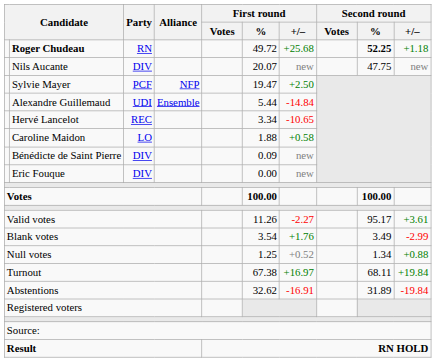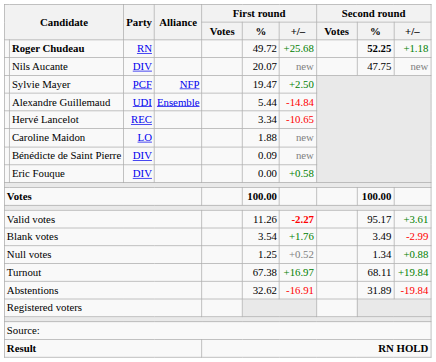 <table class="wikitable" style="text-align:right;font-size:95%;">
 <tr>
 <th rowspan="2" colspan="2">Candidate</th>
 <th colspan="1" rowspan="2">Party</th>
 <th colspan="1" rowspan="2">Alliance</th>
 <th colspan="3">First round</th>
 <th colspan="3">Second round</th>
 </tr>
 <tr>
 <th style="width:50px;">Votes</th>
 <th style="width:45px;">%</th>
 <th style="width:45px;">+/–</th>
 <th style="width:50px;">Votes</th>
 <th style="width:45px;">%</th>
 <th style="width:45px;">+/–</th>
 </tr>
 <tr>
 <td style="color:inherit;background:"></td>
 <td style="text-align:left;"><strong>Roger Chudeau</strong></td>
 <td><a href='#'>RN</a></td>
 <td></td>
 <td></td>
 <td>49.72</td>
 <td style="color:green;">+25.68</td>
 <td><strong></strong></td>
 <td><strong>52.25</strong></td>
 <td style="color:green;">+1.18</td>
 </tr>
 <tr>
 <td style="color:inherit;background:"></td>
 <td style="text-align:left;">Nils Aucante</td>
 <td><a href='#'>DIV</a></td>
 <td></td>
 <td></td>
 <td>20.07</td>
 <td style="color:grey;">new</td>
 <td></td>
 <td>47.75</td>
 <td style="color:grey;">new</td>
 </tr>
 <tr>
 <td style="color:inherit;background:"></td>
 <td style="text-align:left;">Sylvie Mayer</td>
 <td><a href='#'>PCF</a></td>
 <td><a href='#'>NFP</a></td>
 <td></td>
 <td>19.47</td>
 <td style="color:green;">+2.50</td>
 <td colspan="3" rowspan="6" style="background:#E9E9E9;"></td>
 </tr>
 <tr>
 <td style="color:inherit;background:"></td>
 <td style="text-align:left;">Alexandre Guillemaud</td>
 <td><a href='#'>UDI</a></td>
 <td><a href='#'>Ensemble</a></td>
 <td></td>
 <td>5.44</td>
 <td style="color:red;">-14.84</td>
 </tr>
 <tr>
 <td style="color:inherit;background:"></td>
 <td style="text-align:left;">Hervé Lancelot</td>
 <td><a href='#'>REC</a></td>
 <td></td>
 <td></td>
 <td>3.34</td>
 <td style="color:red;">-10.65</td>
 </tr>
 <tr>
 <td style="color:inherit;background:"></td>
 <td style="text-align:left;">Caroline Maidon</td>
 <td><a href='#'>LO</a></td>
 <td></td>
 <td></td>
 <td>1.88</td>
-<td style="color:green;">+0.58</td>
+<td style="color:grey;">new</td>
 </tr>
 <tr>
 <td style="color:inherit;background:"></td>
 <td style="text-align:left;">Bénédicte de Saint Pierre</td>
 <td><a href='#'>DIV</a></td>
 <td></td>
 <td></td>
 <td>0.09</td>
 <td style="color:grey;">new</td>
 </tr>
 <tr>
 <td style="color:inherit;background:"></td>
 <td style="text-align:left;">Eric Fouque</td>
 <td><a href='#'>DIV</a></td>
 <td></td>
 <td></td>
 <td>0.00</td>
-<td style="color:grey;">new</td>
+<td style="color:green;">+0.58</td>
 </tr>
 <tr>
 <td colspan="10" style="background:#E9E9E9;"></td>
 </tr>
 <tr style="font-weight:bold;">
 <td colspan="4" style="text-align:left;">Votes</td>
 <td></td>
 <td>100.00</td>
 <td></td>
 <td></td>
 <td>100.00</td>
 <td></td>
 </tr>
 <tr>
 <td colspan="10" style="background:#E9E9E9;"></td>
 </tr>
 <tr>
 <td colspan="4" style="text-align:left;">Valid votes</td>
 <td></td>
 <td>11.26</td>
-<td style="color:red;">-2.27</td>
+<td style="color:red;"><strong>-2.27</strong></td>
 <td></td>
 <td>95.17</td>
 <td style="color:green;">+3.61</td>
 </tr>
 <tr>
 <td colspan="4" style="text-align:left;">Blank votes</td>
 <td></td>
 <td>3.54</td>
 <td style="color:green;">+1.76</td>
 <td></td>
 <td>3.49</td>
 <td style="color:red;">-2.99</td>
 </tr>
 <tr>
 <td colspan="4" style="text-align:left;">Null votes</td>
 <td></td>
 <td>1.25</td>
 <td style="color:grey;">+0.52</td>
 <td></td>
 <td>1.34</td>
 <td style="color:green;">+0.88</td>
 </tr>
 <tr>
 <td colspan="4" style="text-align:left;">Turnout</td>
 <td></td>
 <td>67.38</td>
 <td style="color:green;">+16.97</td>
 <td></td>
 <td>68.11</td>
 <td style="color:green;">+19.84</td>
 </tr>
 <tr>
 <td colspan="4" style="text-align:left;">Abstentions</td>
 <td></td>
 <td>32.62</td>
 <td style="color:red;">-16.91</td>
 <td></td>
 <td>31.89</td>
 <td style="color:red;">-19.84</td>
 </tr>
 <tr>
 <td colspan="4" style="text-align:left;">Registered voters</td>
 <td></td>
 <td colspan="2" style="background:#E9E9E9;"></td>
 <td></td>
 <td colspan="2" style="background:#E9E9E9;"></td>
 </tr>
 <tr>
 <td colspan="10" style="background:#E9E9E9;"></td>
 </tr>
 <tr>
 <td colspan="10" style="text-align:left;">Source: </td>
 </tr>
 <tr style="font-weight:bold">
 <td colspan="4" style="text-align:left;">Result</td>
 <td colspan="6" style="background-color:">RN HOLD</td>
 </tr>
 </table>
